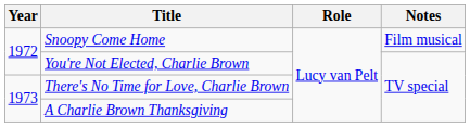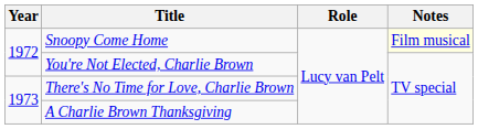 <table class="wikitable sortable">
 <tr>
 <th>Year</th>
 <th>Title</th>
 <th>Role</th>
 <th>Notes</th>
 </tr>
 <tr>
 <td rowspan="2"><a href='#'>1972</a></td>
 <td><em><a href='#'>Snoopy Come Home</a></em></td>
 <td rowspan="4"><a href='#'>Lucy van Pelt</a></td>
-<td><a href='#'>Film musical</a></td>
+<td style="background: lightyellow;"><a href='#'>Film musical</a></td>
 </tr>
 <tr>
 <td><em><a href='#'>You're Not Elected, Charlie Brown</a></em></td>
 <td rowspan="3"><a href='#'>TV special</a></td>
 </tr>
 <tr>
 <td rowspan="2"><a href='#'>1973</a></td>
 <td><em><a href='#'>There's No Time for Love, Charlie Brown</a></em></td>
 </tr>
 <tr>
 <td><em><a href='#'>A Charlie Brown Thanksgiving</a></em></td>
 </tr>
 </table>
